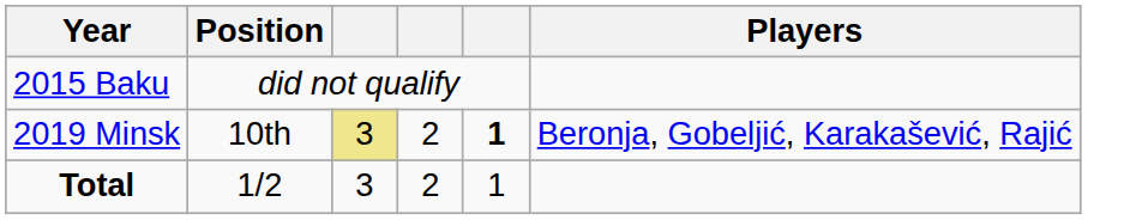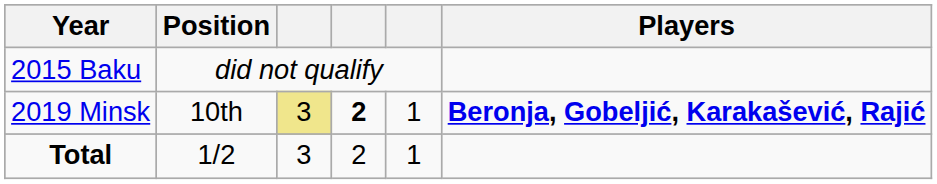 <table class="wikitable" style="text-align: center;">
 <tr>
 <th>Year</th>
 <th>Position</th>
 <th width=25px></th>
 <th width=25px></th>
 <th width=25px></th>
 <th>Players</th>
 </tr>
 <tr>
 <td style="text-align: left;"> <a href='#'>2015 Baku</a></td>
 <td colspan=4><em>did not qualify</em></td>
 <td></td>
 </tr>
 <tr>
 <td style="text-align: left;"> <a href='#'>2019 Minsk</a></td>
 <td>10th</td>
 <td style="background: khaki;">3</td>
-<td>2</td>
-<td><strong>1</strong></td>
-<td><a href='#'>Beronja</a>, <a href='#'>Gobeljić</a>, <a href='#'>Karakašević</a>, <a href='#'>Rajić</a></td>
+<td><strong>2</strong></td>
+<td>1</td>
+<td><strong><a href='#'>Beronja</a>, <a href='#'>Gobeljić</a>, <a href='#'>Karakašević</a>, <a href='#'>Rajić</a></strong></td>
 </tr>
 <tr>
 <td><strong>Total</strong></td>
 <td>1/2</td>
 <td>3</td>
 <td>2</td>
 <td>1</td>
 <td></td>
 </tr>
 </table>
